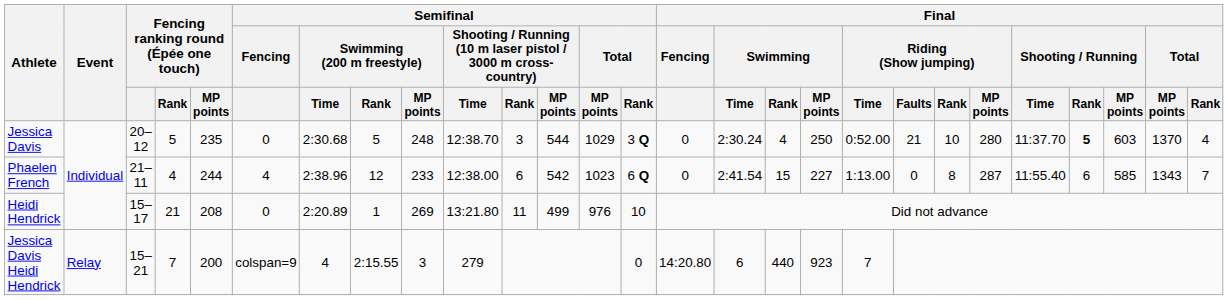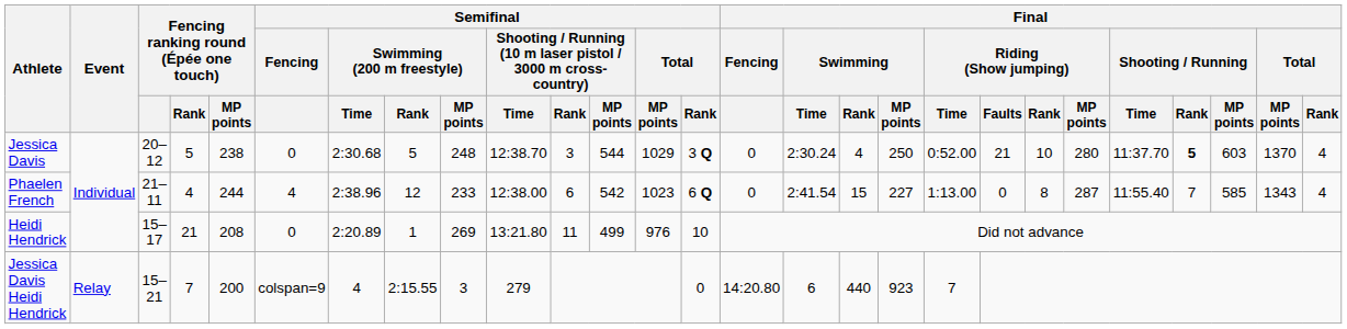 <table class=wikitable style=font-size:90%;text-align:center>
 <tr>
 <th rowspan=3>Athlete</th>
 <th rowspan=3>Event</th>
 <th colspan=3 rowspan=2>Fencing ranking round<br><span>(Épée one touch)</span></th>
 <th colspan=9>Semifinal</th>
 <th colspan=13>Final</th>
 </tr>
 <tr style=font-size:95%>
 <th>Fencing</th>
 <th colspan=3>Swimming<br><span>(200 m freestyle)</span></th>
 <th colspan=3>Shooting / Running<br><span>(10 m laser pistol / 3000 m cross-country)</span></th>
 <th colspan=2>Total</th>
 <th>Fencing</th>
 <th colspan=3>Swimming</th>
 <th colspan=4>Riding<br><span>(Show jumping)</span></th>
 <th colspan=3>Shooting / Running</th>
 <th colspan=2>Total</th>
 </tr>
 <tr style=font-size:90%>
 <th></th>
 <th>Rank</th>
 <th>MP points</th>
 <th></th>
 <th>Time</th>
 <th>Rank</th>
 <th>MP points</th>
 <th>Time</th>
 <th>Rank</th>
 <th>MP points</th>
 <th>MP points</th>
 <th>Rank</th>
 <th></th>
 <th>Time</th>
 <th>Rank</th>
 <th>MP points</th>
 <th>Time</th>
 <th>Faults</th>
 <th>Rank</th>
 <th>MP points</th>
 <th>Time</th>
 <th>Rank</th>
 <th>MP points</th>
 <th>MP points</th>
 <th>Rank</th>
 </tr>
 <tr>
 <td align=left><a href='#'>Jessica Davis</a></td>
 <td align=left rowspan=3><a href='#'>Individual</a></td>
 <td>20–12</td>
 <td>5</td>
-<td>235</td>
+<td>238</td>
 <td>0</td>
 <td>2:30.68</td>
 <td>5</td>
 <td>248</td>
 <td>12:38.70</td>
 <td>3</td>
 <td>544</td>
 <td>1029</td>
 <td>3 <strong>Q</strong></td>
 <td>0</td>
 <td>2:30.24</td>
 <td>4</td>
 <td>250</td>
 <td>0:52.00</td>
 <td>21</td>
 <td>10</td>
 <td>280</td>
 <td>11:37.70</td>
 <td><strong>5</strong></td>
 <td>603</td>
 <td>1370</td>
 <td>4</td>
 </tr>
 <tr>
 <td align=left><a href='#'>Phaelen French</a></td>
 <td>21–11</td>
 <td>4</td>
 <td>244</td>
 <td>4</td>
 <td>2:38.96</td>
 <td>12</td>
 <td>233</td>
 <td>12:38.00</td>
 <td>6</td>
 <td>542</td>
 <td>1023</td>
 <td>6 <strong>Q</strong></td>
 <td>0</td>
 <td>2:41.54</td>
 <td>15</td>
 <td>227</td>
 <td>1:13.00</td>
 <td>0</td>
 <td>8</td>
 <td>287</td>
 <td>11:55.40</td>
-<td>6</td>
+<td>7</td>
 <td>585</td>
 <td>1343</td>
-<td>7</td>
+<td>4</td>
 </tr>
 <tr>
 <td align=left><a href='#'>Heidi Hendrick</a></td>
 <td>15–17</td>
 <td>21</td>
 <td>208</td>
 <td>0</td>
 <td>2:20.89</td>
 <td>1</td>
 <td>269</td>
 <td>13:21.80</td>
 <td>11</td>
 <td>499</td>
 <td>976</td>
 <td>10</td>
 <td colspan=13>Did not advance</td>
 </tr>
 <tr>
 <td align=left><a href='#'>Jessica Davis</a><br><a href='#'>Heidi Hendrick</a></td>
 <td align=left><a href='#'>Relay</a></td>
 <td>15–21</td>
 <td>7</td>
 <td>200</td>
 <td>colspan=9 </td>
 <td>4</td>
 <td>2:15.55</td>
 <td>3</td>
 <td>279</td>
 <td colspan=3></td>
 <td>0</td>
 <td>14:20.80</td>
 <td>6</td>
 <td>440</td>
 <td>923</td>
 <td>7</td>
 </tr>
 </table>
